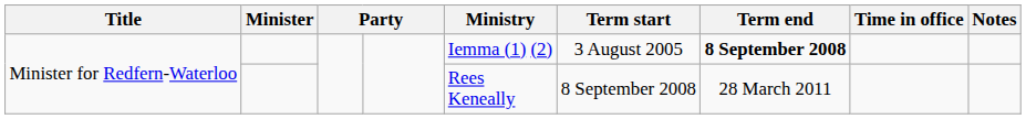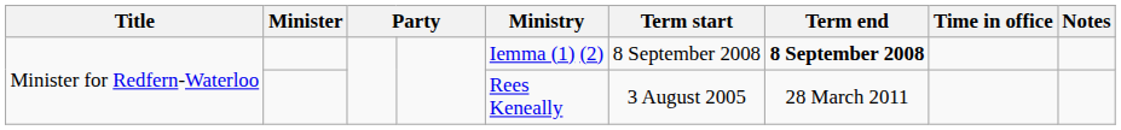 <table class="wikitable sortable">
 <tr>
 <th>Title</th>
 <th>Minister</th>
 <th colspan=2>Party</th>
 <th>Ministry</th>
 <th>Term start</th>
 <th>Term end</th>
 <th>Time in office</th>
 <th class="unsortable">Notes</th>
 </tr>
 <tr>
 <td rowspan=2>Minister for <a href='#'>Redfern</a>-<a href='#'>Waterloo</a></td>
 <td></td>
 <td rowspan=2 > </td>
 <td rowspan=2 width=8%></td>
 <td><a href='#'>Iemma (1)</a> <a href='#'>(2)</a></td>
-<td align=center>3 August 2005</td>
+<td align=center>8 September 2008</td>
 <td align=center><strong>8 September 2008</strong></td>
 <td align=right></td>
 <td></td>
 </tr>
 <tr>
 <td></td>
 <td><a href='#'>Rees</a><br><a href='#'>Keneally</a></td>
-<td align=center>8 September 2008</td>
+<td align=center>3 August 2005</td>
 <td align=center>28 March 2011</td>
 <td align=right></td>
 <td></td>
 </tr>
 </table>
